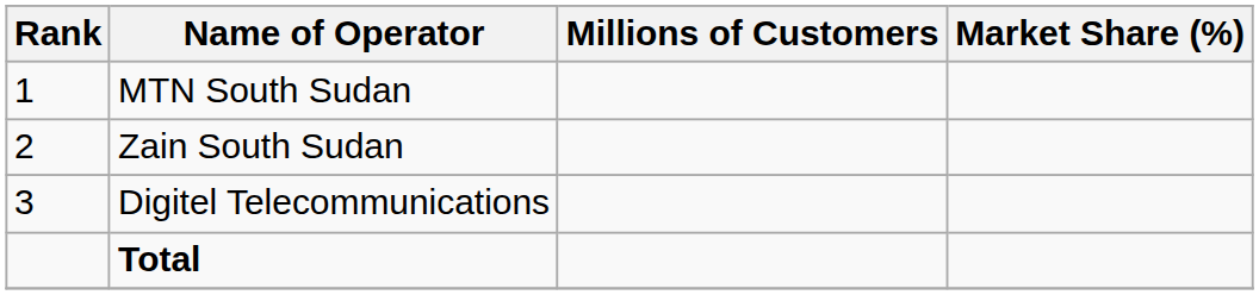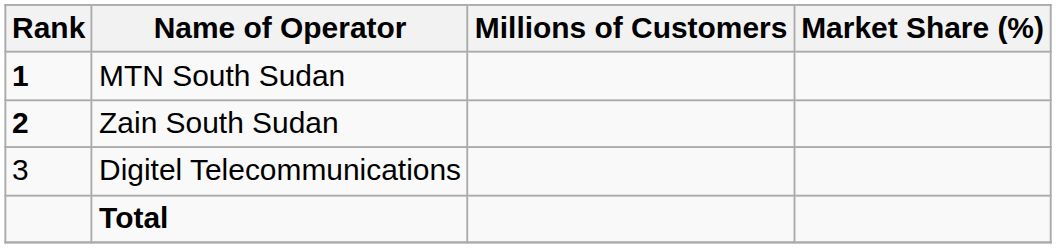 <table class="wikitable sortable" style="margin: 0.5em auto">
 <tr>
 <th>Rank</th>
 <th>Name of Operator</th>
 <th>Millions of Customers</th>
 <th>Market Share (%)</th>
 </tr>
 <tr>
-<td>1</td>
+<td><strong>1</strong></td>
 <td>MTN South Sudan</td>
 <td></td>
 <td></td>
 </tr>
 <tr>
-<td>2</td>
+<td><strong>2</strong></td>
 <td>Zain South Sudan</td>
 <td></td>
 <td></td>
 </tr>
 <tr>
 <td>3</td>
 <td>Digitel Telecommunications</td>
 <td></td>
 <td></td>
 </tr>
 <tr>
 <td></td>
 <td><strong>Total</strong></td>
 <td></td>
 <td></td>
 </tr>
 <tr>
 </tr>
 </table>
